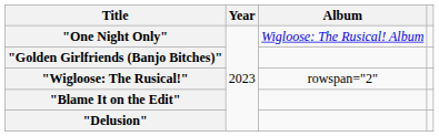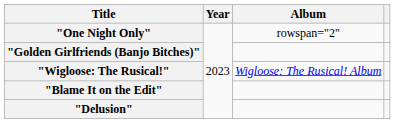 <table class="wikitable plainrowheaders" style="text-align:center;">
 <tr>
 <th class="unsortable" scope="col">Title</th>
 <th class="unsortable" scope="col">Year</th>
 <th class="unsortable" scope="col">Album</th>
 <th class="unsortable" scope="col"></th>
 </tr>
 <tr>
 <th scope="row">"One Night  Only" <br></th>
 <td rowspan="5">2023</td>
-<td><em><a href='#'>Wigloose: The Rusical! Album</a></em></td>
+<td>rowspan="2" </td>
 <td style="text-align: center;"></td>
 </tr>
 <tr>
 <th scope="row">"Golden Girlfriends (Banjo Bitches)" <br></th>
 <td style="text-align: center;"></td>
 </tr>
 <tr>
 <th scope="row">"Wigloose: The Rusical!" <br></th>
-<td>rowspan="2" </td>
+<td><em><a href='#'>Wigloose: The Rusical! Album</a></em></td>
 <td style="text-align: center;"></td>
 </tr>
 <tr>
 <th scope="row">"Blame It on the Edit" <br></th>
 <td></td>
 <td style="text-align: center;"></td>
 </tr>
 <tr>
 <th scope="row">"Delusion"</th>
 <td></td>
 <td style="text-align: center;"></td>
 </tr>
 </table>
